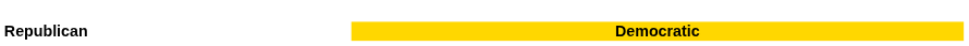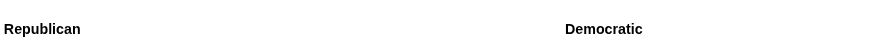 <table style="width:100%; text-align:center">
 <tr style="color:white">
 <td style="background:"><strong>220</strong></td>
 <td style="background:"><strong>215</strong></td>
 </tr>
 <tr>
 <td style="color:"><strong>Republican</strong></td>
-<td style="background: gold; color:"><strong>Democratic</strong></td>
+<td style="color:"><strong>Democratic</strong></td>
 </tr>
 </table>
